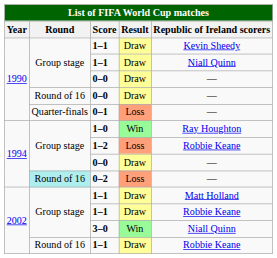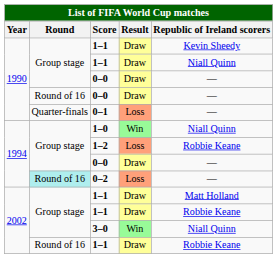 <table class="wikitable collapsible collapsed" style="text-align: center;font-size:90%;">
 <tr>
 <th colspan=5 style="background:#006400;color:#FFFFFF;">List of FIFA World Cup matches</th>
 </tr>
 <tr>
 <th>Year</th>
 <th>Round</th>
 <th>Score</th>
 <th>Result</th>
 <th>Republic of Ireland scorers</th>
 </tr>
 <tr>
 <td rowspan=5><a href='#'>1990</a></td>
 <td rowspan=3>Group stage</td>
 <td align="left"> <strong>1–1</strong> </td>
 <td style="background:#ff9;">Draw</td>
 <td><a href='#'>Kevin Sheedy</a> </td>
 </tr>
 <tr>
 <td align="left"> <strong>1–1</strong> </td>
 <td style="background:#ff9;">Draw</td>
 <td><a href='#'>Niall Quinn</a> </td>
 </tr>
 <tr>
 <td align="left"> <strong>0–0</strong> </td>
 <td style="background:#ff9;">Draw</td>
 <td>—</td>
 </tr>
 <tr>
 <td>Round of 16</td>
 <td align="left"> <strong>0–0 </strong> </td>
 <td style="background:#ff9;">Draw</td>
 <td>—</td>
 </tr>
 <tr>
 <td>Quarter-finals</td>
 <td align="left"> <strong>0–1</strong> </td>
 <td style="background:#ffa07a;">Loss</td>
 <td>—</td>
 </tr>
 <tr>
 <td rowspan=4><a href='#'>1994</a></td>
 <td rowspan=3>Group stage</td>
 <td align="left"> <strong>1–0</strong> </td>
 <td style="background:#98fb98;">Win</td>
-<td><a href='#'>Ray Houghton</a> </td>
+<td><a href='#'>Niall Quinn</a> </td>
 </tr>
 <tr>
 <td align="left"> <strong>1–2</strong> </td>
 <td style="background:#ffa07a;">Loss</td>
 <td><a href='#'>Robbie Keane</a> </td>
 </tr>
 <tr>
 <td align="left"> <strong>0–0</strong> </td>
 <td style="background:#ff9;">Draw</td>
 <td>—</td>
 </tr>
 <tr>
 <td style="background: paleturquoise;">Round of 16</td>
 <td align="left"> <strong>0–2</strong> </td>
 <td style="background:#ffa07a;">Loss</td>
 <td>—</td>
 </tr>
 <tr>
 <td rowspan=4><a href='#'>2002</a></td>
 <td rowspan=3>Group stage</td>
 <td align="left"> <strong>1–1</strong> </td>
 <td style="background:#ff9;">Draw</td>
 <td><a href='#'>Matt Holland</a> </td>
 </tr>
 <tr>
 <td align="left"> <strong>1–1</strong> </td>
 <td style="background:#ff9;">Draw</td>
 <td><a href='#'>Robbie Keane</a> </td>
 </tr>
 <tr>
 <td align="left"> <strong>3–0</strong> </td>
 <td style="background:#98fb98;">Win</td>
 <td><a href='#'>Niall Quinn</a> </td>
 </tr>
 <tr>
 <td>Round of 16</td>
 <td align="left"> <strong>1–1 </strong> </td>
 <td style="background:#ff9;">Draw</td>
 <td><a href='#'>Robbie Keane</a> </td>
 </tr>
 </table>
